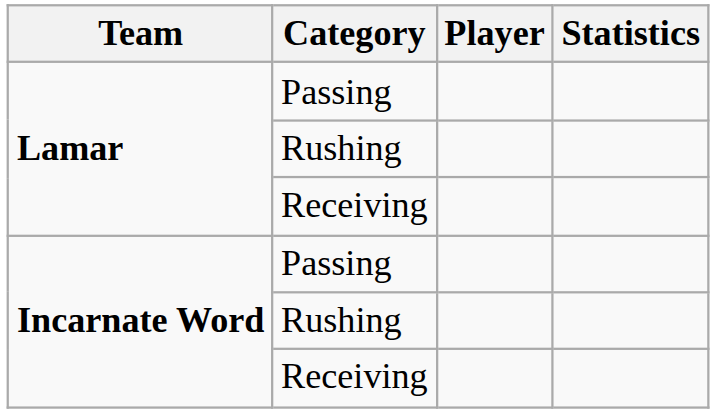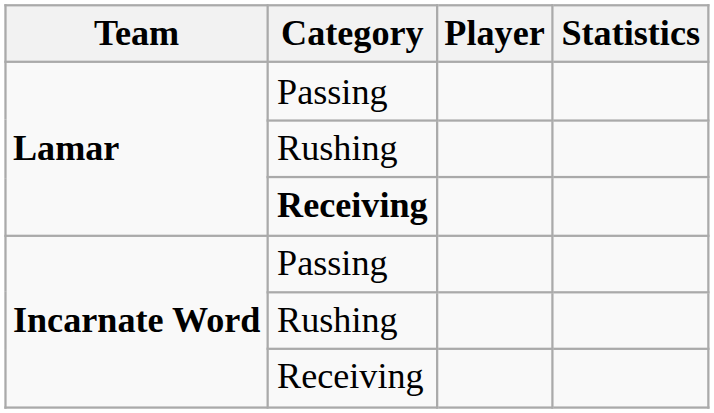 <table class="wikitable" style="float: right;">
 <tr>
 <th>Team</th>
 <th>Category</th>
 <th>Player</th>
 <th>Statistics</th>
 </tr>
 <tr>
 <td rowspan=3><strong>Lamar</strong></td>
 <td>Passing</td>
 <td></td>
 <td></td>
 </tr>
 <tr>
 <td>Rushing</td>
 <td></td>
 <td></td>
 </tr>
 <tr>
-<td>Receiving</td>
+<td><strong>Receiving</strong></td>
 <td></td>
 <td></td>
 </tr>
 <tr>
 <td rowspan=3><strong>Incarnate Word</strong></td>
 <td>Passing</td>
 <td></td>
 <td></td>
 </tr>
 <tr>
 <td>Rushing</td>
 <td></td>
 <td></td>
 </tr>
 <tr>
 <td>Receiving</td>
 <td></td>
 <td></td>
 </tr>
 </table>
